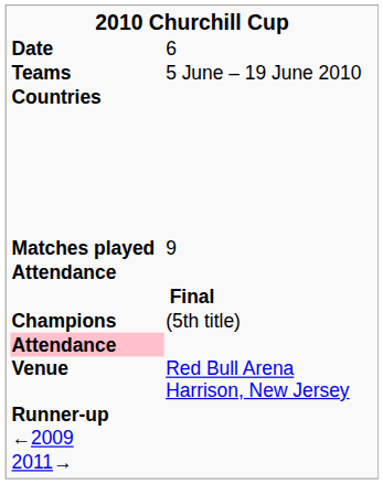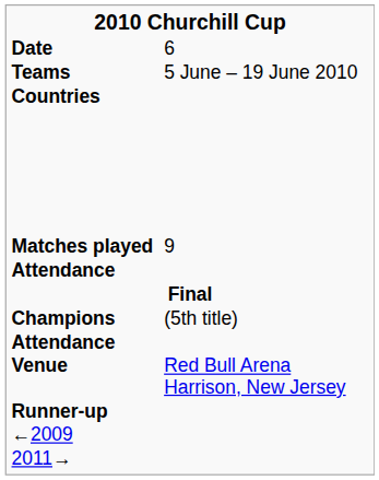 <table class="infobox" width="280" cellspacing="0" style="font-size: 90%;">
 <tr>
 <th colspan="2" style="font-size: medium;" style="text-align: center;">2010 Churchill Cup</th>
 </tr>
 <tr>
 <td><strong>Date</strong></td>
 <td>6</td>
 </tr>
 <tr>
 <td><strong>Teams</strong></td>
 <td>5 June – 19 June 2010</td>
 </tr>
 <tr>
 <td><strong>Countries</strong></td>
 <td><br><br><br> <br> <br> <br> <br></td>
 </tr>
 <tr>
 <td><strong>Matches played</strong></td>
 <td>9</td>
 </tr>
 <tr>
 <td><strong>Attendance</strong></td>
 <td></td>
 </tr>
 <tr>
 <td colspan=2 style="text-align: center;"><strong>Final</strong></td>
 </tr>
 <tr>
 <td><strong>Champions</strong></td>
 <td> (5th title)</td>
 </tr>
 <tr>
-<td style="background: pink;"><strong>Attendance</strong></td>
+<td><strong>Attendance</strong></td>
 <td></td>
 </tr>
 <tr>
 <td><strong>Venue</strong></td>
 <td><a href='#'>Red Bull Arena</a><br> <a href='#'>Harrison, New Jersey</a></td>
 </tr>
 <tr>
 <td><strong>Runner-up</strong></td>
 <td></td>
 </tr>
 <tr>
 <td>←<a href='#'>2009</a></td>
 </tr>
 <tr>
 <td><a href='#'>2011</a>→</td>
 </tr>
 </table>
